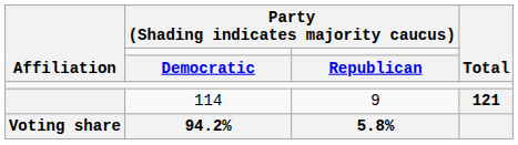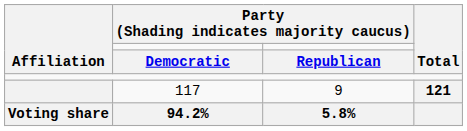 <table class=wikitable style="text-align:center">
 <tr style="vertical-align:bottom;">
 <th rowspan=3>Affiliation</th>
 <th colspan=2>Party <div>(Shading indicates majority caucus)</div></th>
 <th rowspan=3>Total</th>
 </tr>
 <tr style="height:5px">
 <td style="background-color:"></td>
 <td style="background-color:"></td>
 </tr>
 <tr>
 <th><a href='#'>Democratic</a></th>
 <th><a href='#'>Republican</a></th>
 </tr>
 <tr>
 <td colspan=5></td>
 </tr>
 <tr>
 <th nowrap style="font-size:80%"></th>
-<td>114</td>
+<td>117</td>
 <td>9</td>
 <th>121</th>
 </tr>
 <tr>
 <th>Voting share</th>
 <th>94.2%</th>
 <th>5.8%</th>
 <th colspan=2></th>
 </tr>
 </table>
